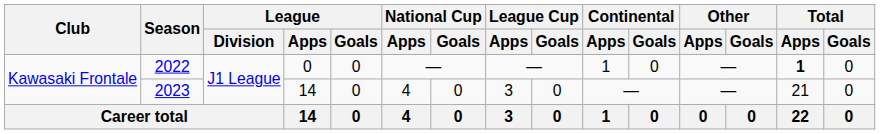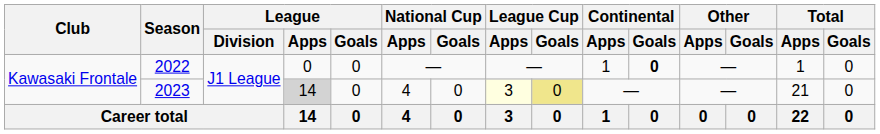 <table class="wikitable" style="text-align: center">
 <tr>
 <th rowspan="2">Club</th>
 <th rowspan="2">Season</th>
 <th colspan="3">League</th>
 <th colspan="2">National Cup</th>
 <th colspan="2">League Cup</th>
 <th colspan="2">Continental</th>
 <th colspan="2">Other</th>
 <th colspan="2">Total</th>
 </tr>
 <tr>
 <th>Division</th>
 <th>Apps</th>
 <th>Goals</th>
 <th>Apps</th>
 <th>Goals</th>
 <th>Apps</th>
 <th>Goals</th>
 <th>Apps</th>
 <th>Goals</th>
 <th>Apps</th>
 <th>Goals</th>
 <th>Apps</th>
 <th>Goals</th>
 </tr>
 <tr>
 <td rowspan="2"><a href='#'>Kawasaki Frontale</a></td>
 <td><a href='#'>2022</a></td>
 <td rowspan="2"><a href='#'>J1 League</a></td>
 <td>0</td>
 <td>0</td>
 <td colspan="2">—</td>
 <td colspan="2">—</td>
 <td>1</td>
-<td>0</td>
+<td><strong>0</strong></td>
 <td colspan="2">—</td>
-<td><strong>1</strong></td>
+<td>1</td>
 <td>0</td>
 </tr>
 <tr>
 <td><a href='#'>2023</a></td>
-<td>14</td>
+<td style="background: lightgrey;">14</td>
 <td>0</td>
 <td>4</td>
 <td>0</td>
-<td>3</td>
-<td>0</td>
+<td style="background: lightyellow;">3</td>
+<td style="background: khaki;">0</td>
 <td colspan="2">—</td>
 <td colspan="2">—</td>
 <td>21</td>
 <td>0</td>
 </tr>
 <tr>
 <th colspan=3>Career total</th>
 <th>14</th>
 <th>0</th>
 <th>4</th>
 <th>0</th>
 <th>3</th>
 <th>0</th>
 <th>1</th>
 <th>0</th>
 <th>0</th>
 <th>0</th>
 <th>22</th>
 <th>0</th>
 </tr>
 </table>
